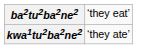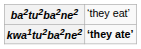 <table class="wikitable">
 <tr>
 <th><em>ba<sup>2</sup>tu<sup>2</sup>ba<sup>2</sup>ne<sup>2</sup></em></th>
 <td>‘they eat’</td>
 </tr>
 <tr>
 <th><em>kwa<sup>1</sup>tu<sup>2</sup>ba<sup>2</sup>ne<sup>2</sup></em></th>
-<td>‘they ate’</td>
+<td><strong>‘they ate’</strong></td>
 </tr>
 </table>
